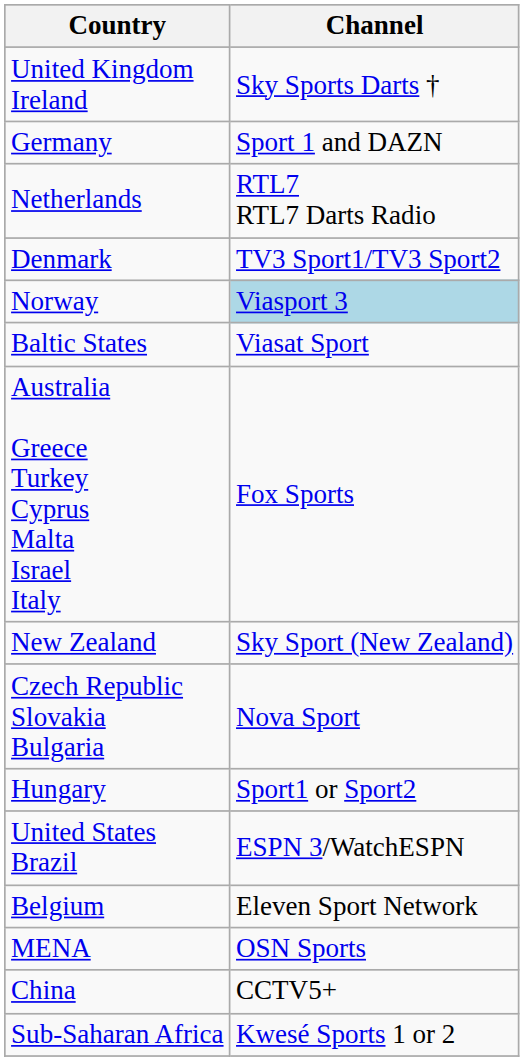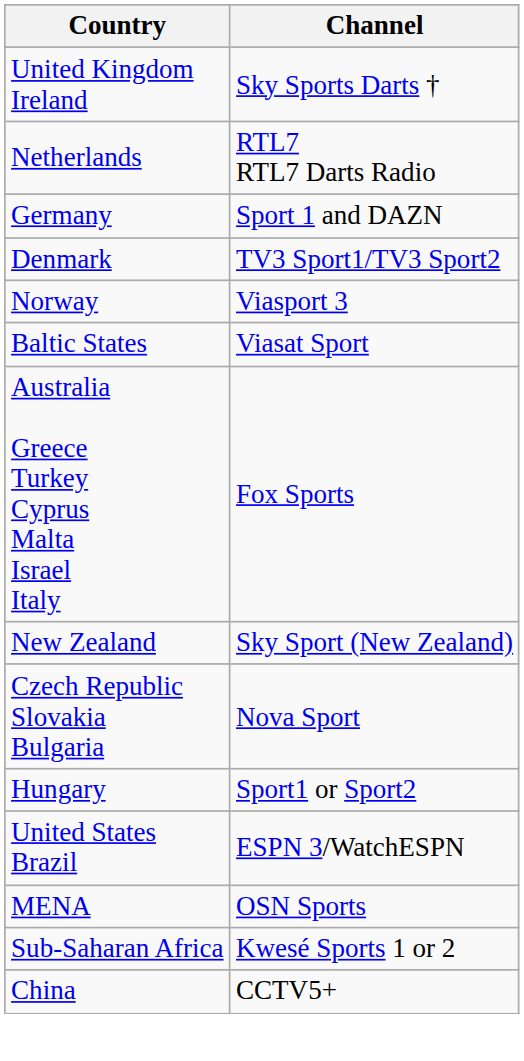 <table class="wikitable" style="font-size:100%; text-align:left">
 <tr>
 <th>Country</th>
 <th>Channel</th>
 </tr>
 <tr>
 <td> <a href='#'>United Kingdom</a><br> <a href='#'>Ireland</a></td>
 <td><a href='#'>Sky Sports Darts</a> †</td>
 </tr>
 <tr>
+<td> <a href='#'>Netherlands</a></td>
+<td><a href='#'>RTL7</a><br>RTL7 Darts Radio</td>
+</tr>
+<tr>
 <td> <a href='#'>Germany</a></td>
 <td><a href='#'>Sport 1</a> and DAZN</td>
-</tr>
-<tr>
-<td> <a href='#'>Netherlands</a></td>
-<td><a href='#'>RTL7</a><br>RTL7 Darts Radio</td>
 </tr>
 <tr>
 <td> <a href='#'>Denmark</a></td>
 <td><a href='#'>TV3 Sport1/TV3 Sport2</a></td>
 </tr>
 <tr>
 <td> <a href='#'>Norway</a></td>
-<td style="background: lightblue;"><a href='#'>Viasport 3</a></td>
+<td><a href='#'>Viasport 3</a></td>
 </tr>
 <tr>
 <td><a href='#'>Baltic States</a></td>
 <td><a href='#'>Viasat Sport</a></td>
 </tr>
 <tr>
 <td> <a href='#'>Australia</a><br><br> <a href='#'>Greece</a><br>  <a href='#'>Turkey</a><br>  <a href='#'>Cyprus</a><br>  <a href='#'>Malta</a><br>  <a href='#'>Israel</a><br>  <a href='#'>Italy</a></td>
 <td><a href='#'>Fox Sports</a></td>
 </tr>
 <tr>
 <td> <a href='#'>New Zealand</a></td>
 <td><a href='#'>Sky Sport (New Zealand)</a></td>
 </tr>
 <tr>
 <td> <a href='#'>Czech Republic</a><br> <a href='#'>Slovakia</a><br> <a href='#'>Bulgaria</a></td>
 <td><a href='#'>Nova Sport</a></td>
 </tr>
 <tr>
 <td> <a href='#'>Hungary</a></td>
 <td><a href='#'>Sport1</a> or <a href='#'>Sport2</a></td>
 </tr>
 <tr>
 <td> <a href='#'>United States</a><br> <a href='#'>Brazil</a></td>
 <td><a href='#'>ESPN 3</a>/WatchESPN</td>
 </tr>
 <tr>
-<td> <a href='#'>Belgium</a></td>
-<td>Eleven Sport Network</td>
+<td><a href='#'>MENA</a></td>
+<td><a href='#'>OSN Sports</a></td>
 </tr>
 <tr>
-<td><a href='#'>MENA</a></td>
-<td><a href='#'>OSN Sports</a></td>
+<td><a href='#'>Sub-Saharan Africa</a></td>
+<td><a href='#'>Kwesé Sports</a> 1 or 2</td>
 </tr>
 <tr>
 <td> <a href='#'>China</a></td>
 <td>CCTV5+</td>
 </tr>
-<tr>
-<td><a href='#'>Sub-Saharan Africa</a></td>
-<td><a href='#'>Kwesé Sports</a> 1 or 2</td>
-</tr>
 </table>
